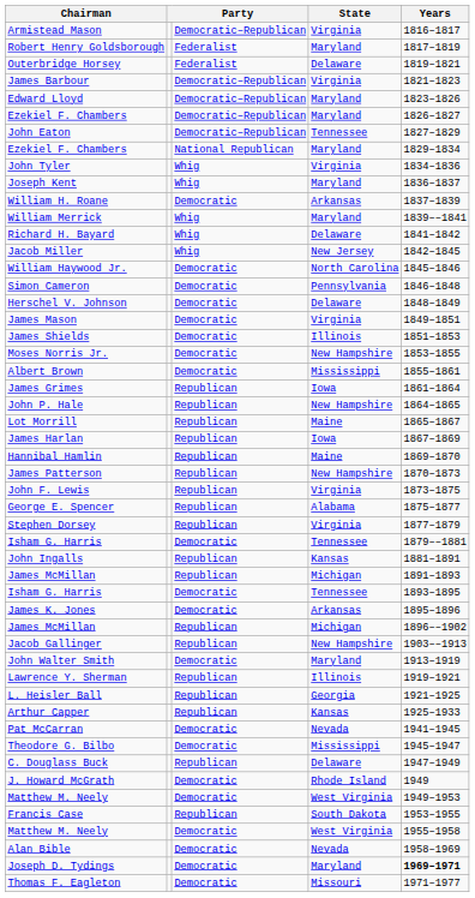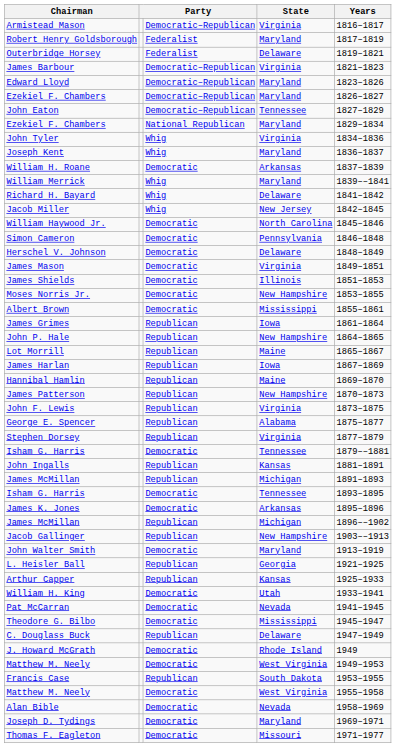 <table class=wikitable>
 <tr>
 <th>Chairman</th>
 <th colspan=2>Party</th>
 <th>State</th>
 <th>Years</th>
 </tr>
 <tr>
 <td><a href='#'>Armistead Mason</a></td>
 <td style="background-color:"></td>
 <td><a href='#'>Democratic–Republican</a></td>
 <td><a href='#'>Virginia</a></td>
 <td>1816–1817</td>
 </tr>
 <tr>
 <td><a href='#'>Robert Henry Goldsborough</a></td>
 <td style="background-color:"></td>
 <td><a href='#'>Federalist</a></td>
 <td><a href='#'>Maryland</a></td>
 <td>1817–1819</td>
 </tr>
 <tr>
 <td><a href='#'>Outerbridge Horsey</a></td>
 <td style="background-color:"></td>
 <td><a href='#'>Federalist</a></td>
 <td><a href='#'>Delaware</a></td>
 <td>1819–1821</td>
 </tr>
 <tr>
 <td><a href='#'>James Barbour</a></td>
 <td style="background-color:"></td>
 <td><a href='#'>Democratic–Republican</a></td>
 <td><a href='#'>Virginia</a></td>
 <td>1821–1823</td>
 </tr>
 <tr>
 <td><a href='#'>Edward Lloyd</a></td>
 <td style="background-color:"></td>
 <td><a href='#'>Democratic–Republican</a></td>
 <td><a href='#'>Maryland</a></td>
 <td>1823–1826</td>
 </tr>
 <tr>
 <td><a href='#'>Ezekiel F. Chambers</a></td>
 <td style="background-color:"></td>
 <td><a href='#'>Democratic–Republican</a></td>
 <td><a href='#'>Maryland</a></td>
 <td>1826–1827</td>
 </tr>
 <tr>
 <td><a href='#'>John Eaton</a></td>
 <td style="background-color:"></td>
 <td><a href='#'>Democratic–Republican</a></td>
 <td><a href='#'>Tennessee</a></td>
 <td>1827–1829</td>
 </tr>
 <tr>
 <td><a href='#'>Ezekiel F. Chambers</a></td>
 <td style="background-color:"></td>
 <td><a href='#'>National Republican</a></td>
 <td><a href='#'>Maryland</a></td>
 <td>1829–1834</td>
 </tr>
 <tr>
 <td><a href='#'>John Tyler</a></td>
 <td style="background-color:"></td>
 <td><a href='#'>Whig</a></td>
 <td><a href='#'>Virginia</a></td>
 <td>1834–1836</td>
 </tr>
 <tr>
 <td><a href='#'>Joseph Kent</a></td>
 <td style="background-color:"></td>
 <td><a href='#'>Whig</a></td>
 <td><a href='#'>Maryland</a></td>
 <td>1836–1837</td>
 </tr>
 <tr>
 <td><a href='#'>William H. Roane</a></td>
 <td style="background-color:"></td>
 <td><a href='#'>Democratic</a></td>
 <td><a href='#'>Arkansas</a></td>
 <td>1837–1839</td>
 </tr>
 <tr>
 <td><a href='#'>William Merrick</a></td>
 <td style="background-color:"></td>
 <td><a href='#'>Whig</a></td>
 <td><a href='#'>Maryland</a></td>
 <td>1839––1841</td>
 </tr>
 <tr>
 <td><a href='#'>Richard H. Bayard</a></td>
 <td style="background-color:"></td>
 <td><a href='#'>Whig</a></td>
 <td><a href='#'>Delaware</a></td>
 <td>1841–1842</td>
 </tr>
 <tr>
 <td><a href='#'>Jacob Miller</a></td>
 <td style="background-color:"></td>
 <td><a href='#'>Whig</a></td>
 <td><a href='#'>New Jersey</a></td>
 <td>1842–1845</td>
 </tr>
 <tr>
 <td><a href='#'>William Haywood Jr.</a></td>
 <td style="background-color:"></td>
 <td><a href='#'>Democratic</a></td>
 <td><a href='#'>North Carolina</a></td>
 <td>1845–1846</td>
 </tr>
 <tr>
 <td><a href='#'>Simon Cameron</a></td>
 <td style="background-color:"></td>
 <td><a href='#'>Democratic</a></td>
 <td><a href='#'>Pennsylvania</a></td>
 <td>1846–1848</td>
 </tr>
 <tr>
 <td><a href='#'>Herschel V. Johnson</a></td>
 <td style="background-color:"></td>
 <td><a href='#'>Democratic</a></td>
 <td><a href='#'>Delaware</a></td>
 <td>1848–1849</td>
 </tr>
 <tr>
 <td><a href='#'>James Mason</a></td>
 <td style="background-color:"></td>
 <td><a href='#'>Democratic</a></td>
 <td><a href='#'>Virginia</a></td>
 <td>1849–1851</td>
 </tr>
 <tr>
 <td><a href='#'>James Shields</a></td>
 <td style="background-color:"></td>
 <td><a href='#'>Democratic</a></td>
 <td><a href='#'>Illinois</a></td>
 <td>1851–1853</td>
 </tr>
 <tr>
 <td><a href='#'>Moses Norris Jr.</a></td>
 <td style="background-color:"></td>
 <td><a href='#'>Democratic</a></td>
 <td><a href='#'>New Hampshire</a></td>
 <td>1853–1855</td>
 </tr>
 <tr>
 <td><a href='#'>Albert Brown</a></td>
 <td style="background-color:"></td>
 <td><a href='#'>Democratic</a></td>
 <td><a href='#'>Mississippi</a></td>
 <td>1855–1861</td>
 </tr>
 <tr>
 <td><a href='#'>James Grimes</a></td>
 <td style="background-color:"></td>
 <td><a href='#'>Republican</a></td>
 <td><a href='#'>Iowa</a></td>
 <td>1861–1864</td>
 </tr>
 <tr>
 <td><a href='#'>John P. Hale</a></td>
 <td style="background-color:"></td>
 <td><a href='#'>Republican</a></td>
 <td><a href='#'>New Hampshire</a></td>
 <td>1864–1865</td>
 </tr>
 <tr>
 <td><a href='#'>Lot Morrill</a></td>
 <td style="background-color:"></td>
 <td><a href='#'>Republican</a></td>
 <td><a href='#'>Maine</a></td>
 <td>1865–1867</td>
 </tr>
 <tr>
 <td><a href='#'>James Harlan</a></td>
 <td style="background-color:"></td>
 <td><a href='#'>Republican</a></td>
 <td><a href='#'>Iowa</a></td>
 <td>1867–1869</td>
 </tr>
 <tr>
 <td><a href='#'>Hannibal Hamlin</a></td>
 <td style="background-color:"></td>
 <td><a href='#'>Republican</a></td>
 <td><a href='#'>Maine</a></td>
 <td>1869–1870</td>
 </tr>
 <tr>
 <td><a href='#'>James Patterson</a></td>
 <td style="background-color:"></td>
 <td><a href='#'>Republican</a></td>
 <td><a href='#'>New Hampshire</a></td>
 <td>1870–1873</td>
 </tr>
 <tr>
 <td><a href='#'>John F. Lewis</a></td>
 <td style="background-color:"></td>
 <td><a href='#'>Republican</a></td>
 <td><a href='#'>Virginia</a></td>
 <td>1873–1875</td>
 </tr>
 <tr>
 <td><a href='#'>George E. Spencer</a></td>
 <td style="background-color:"></td>
 <td><a href='#'>Republican</a></td>
 <td><a href='#'>Alabama</a></td>
 <td>1875–1877</td>
 </tr>
 <tr>
 <td><a href='#'>Stephen Dorsey</a></td>
 <td style="background-color:"></td>
 <td><a href='#'>Republican</a></td>
 <td><a href='#'>Virginia</a></td>
 <td>1877–1879</td>
 </tr>
 <tr>
 <td><a href='#'>Isham G. Harris</a></td>
 <td style="background-color:"></td>
 <td><a href='#'>Democratic</a></td>
 <td><a href='#'>Tennessee</a></td>
 <td>1879––1881</td>
 </tr>
 <tr>
 <td><a href='#'>John Ingalls</a></td>
 <td style="background-color:"></td>
 <td><a href='#'>Republican</a></td>
 <td><a href='#'>Kansas</a></td>
 <td>1881–1891</td>
 </tr>
 <tr>
 <td><a href='#'>James McMillan</a></td>
 <td style="background-color:"></td>
 <td><a href='#'>Republican</a></td>
 <td><a href='#'>Michigan</a></td>
 <td>1891–1893</td>
 </tr>
 <tr>
 <td><a href='#'>Isham G. Harris</a></td>
 <td style="background-color:"></td>
 <td><a href='#'>Democratic</a></td>
 <td><a href='#'>Tennessee</a></td>
 <td>1893–1895</td>
 </tr>
 <tr>
 <td><a href='#'>James K. Jones</a></td>
 <td style="background-color:"></td>
 <td><a href='#'>Democratic</a></td>
 <td><a href='#'>Arkansas</a></td>
 <td>1895–1896</td>
 </tr>
 <tr>
 <td><a href='#'>James McMillan</a></td>
 <td style="background-color:"></td>
 <td><a href='#'>Republican</a></td>
 <td><a href='#'>Michigan</a></td>
 <td>1896––1902</td>
 </tr>
 <tr>
 <td><a href='#'>Jacob Gallinger</a></td>
 <td style="background-color:"></td>
 <td><a href='#'>Republican</a></td>
 <td><a href='#'>New Hampshire</a></td>
 <td>1903––1913</td>
 </tr>
 <tr>
 <td><a href='#'>John Walter Smith</a></td>
 <td style="background-color:"></td>
 <td><a href='#'>Democratic</a></td>
 <td><a href='#'>Maryland</a></td>
 <td>1913–1919</td>
 </tr>
 <tr>
-<td><a href='#'>Lawrence Y. Sherman</a></td>
-<td style="background-color:"></td>
-<td><a href='#'>Republican</a></td>
-<td><a href='#'>Illinois</a></td>
-<td>1919–1921</td>
-</tr>
-<tr>
 <td><a href='#'>L. Heisler Ball</a></td>
 <td style="background-color:"></td>
 <td><a href='#'>Republican</a></td>
 <td><a href='#'>Georgia</a></td>
 <td>1921–1925</td>
 </tr>
 <tr>
 <td><a href='#'>Arthur Capper</a></td>
 <td style="background-color:"></td>
 <td><a href='#'>Republican</a></td>
 <td><a href='#'>Kansas</a></td>
 <td>1925–1933</td>
+</tr>
+<tr>
+<td><a href='#'>William H. King</a></td>
+<td style="background-color:"></td>
+<td><a href='#'>Democratic</a></td>
+<td><a href='#'>Utah</a></td>
+<td>1933–1941</td>
 </tr>
 <tr>
 <td><a href='#'>Pat McCarran</a></td>
 <td style="background-color:"></td>
 <td><a href='#'>Democratic</a></td>
 <td><a href='#'>Nevada</a></td>
 <td>1941–1945</td>
 </tr>
 <tr>
 <td><a href='#'>Theodore G. Bilbo</a></td>
 <td style="background-color:"></td>
 <td><a href='#'>Democratic</a></td>
 <td><a href='#'>Mississippi</a></td>
 <td>1945–1947</td>
 </tr>
 <tr>
 <td><a href='#'>C. Douglass Buck</a></td>
 <td style="background-color:"></td>
 <td><a href='#'>Republican</a></td>
 <td><a href='#'>Delaware</a></td>
 <td>1947–1949</td>
 </tr>
 <tr>
 <td><a href='#'>J. Howard McGrath</a></td>
 <td style="background-color:"></td>
 <td><a href='#'>Democratic</a></td>
 <td><a href='#'>Rhode Island</a></td>
 <td>1949</td>
 </tr>
 <tr>
 <td><a href='#'>Matthew M. Neely</a></td>
 <td style="background-color:"></td>
 <td><a href='#'>Democratic</a></td>
 <td><a href='#'>West Virginia</a></td>
 <td>1949–1953</td>
 </tr>
 <tr>
 <td><a href='#'>Francis Case</a></td>
 <td style="background-color:"></td>
 <td><a href='#'>Republican</a></td>
 <td><a href='#'>South Dakota</a></td>
 <td>1953–1955</td>
 </tr>
 <tr>
 <td><a href='#'>Matthew M. Neely</a></td>
 <td style="background-color:"></td>
 <td><a href='#'>Democratic</a></td>
 <td><a href='#'>West Virginia</a></td>
 <td>1955–1958</td>
 </tr>
 <tr>
 <td><a href='#'>Alan Bible</a></td>
 <td style="background-color:"></td>
 <td><a href='#'>Democratic</a></td>
 <td><a href='#'>Nevada</a></td>
 <td>1958–1969</td>
 </tr>
 <tr>
 <td><a href='#'>Joseph D. Tydings</a></td>
 <td style="background-color:"></td>
 <td><a href='#'>Democratic</a></td>
 <td><a href='#'>Maryland</a></td>
-<td><strong>1969–1971</strong></td>
+<td>1969–1971</td>
 </tr>
 <tr>
 <td><a href='#'>Thomas F. Eagleton</a></td>
 <td style="background-color:"></td>
 <td><a href='#'>Democratic</a></td>
 <td><a href='#'>Missouri</a></td>
 <td>1971–1977</td>
 </tr>
 </table>
